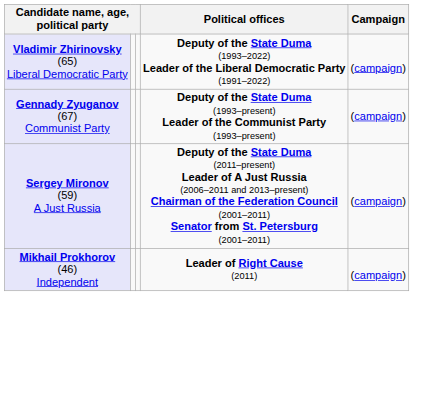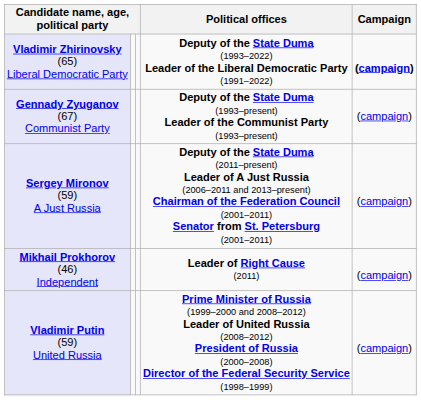 <table class=wikitable style=text-align:center>
 <tr>
 <th colspan="3">Candidate name, age,<br>political party</th>
 <th>Political offices</th>
 <th>Campaign</th>
 </tr>
 <tr>
 <td style="background:lavender;"><strong><a href='#'>Vladimir Zhirinovsky</a></strong><br>(65)<br><a href='#'>Liberal Democratic Party</a></td>
 <td></td>
 <td style="background-color:"></td>
 <td><strong>Deputy of the <a href='#'>State Duma</a></strong><br><small>(1993–2022)</small><br><strong>Leader of the Liberal Democratic Party</strong><br><small>(1991–2022)</small></td>
-<td><br>(<a href='#'>campaign</a>)</td>
+<td><strong><br>(<a href='#'>campaign</a>)</strong></td>
 </tr>
 <tr>
 <td style="background:lavender;"><strong><a href='#'>Gennady Zyuganov</a></strong><br>(67)<br><a href='#'>Communist Party</a></td>
 <td></td>
 <td style="background-color:"></td>
 <td><strong>Deputy of the <a href='#'>State Duma</a></strong><br><small>(1993–present)</small><br><strong>Leader of the Communist Party</strong><br><small>(1993–present)</small></td>
 <td>(<a href='#'>campaign</a>)</td>
 </tr>
 <tr>
 <td style="background:lavender;"><strong><a href='#'>Sergey Mironov</a></strong><br>(59)<br><a href='#'>A Just Russia</a></td>
 <td></td>
 <td style="background-color:"></td>
 <td><strong>Deputy of the <a href='#'>State Duma</a></strong><br><small>(2011–present)</small><br><strong>Leader of A Just Russia</strong><br><small>(2006–2011 and 2013–present)</small><br><strong><a href='#'>Chairman of the Federation Council</a></strong><br><small>(2001–2011)</small><br><strong><a href='#'>Senator</a> from <a href='#'>St. Petersburg</a></strong><br><small>(2001–2011)</small></td>
 <td><br>(<a href='#'>campaign</a>)</td>
 </tr>
 <tr>
 <td style="background:lavender;"><strong><a href='#'>Mikhail Prokhorov</a></strong><br>(46)<br><a href='#'>Independent</a></td>
 <td></td>
 <td style="background-color:"></td>
 <td><strong>Leader of <a href='#'>Right Cause</a></strong><br><small>(2011)</small></td>
 <td><br>(<a href='#'>campaign</a>)</td>
 </tr>
+<tr>
+<td style="background:lavender;"><strong><a href='#'>Vladimir Putin</a></strong><br>(59)<br><a href='#'>United Russia</a></td>
+<td></td>
+<td style="background-color:"></td>
+<td><strong><a href='#'>Prime Minister of Russia</a></strong><br><small>(1999–2000 and 2008–2012)</small><br><strong>Leader of United Russia</strong><br><small>(2008–2012)</small><br><strong><a href='#'>President of Russia</a></strong><br><small>(2000–2008)</small><br><strong><a href='#'>Director of the Federal Security Service</a></strong><br><small>(1998–1999)</small></td>
+<td><br>(<a href='#'>campaign</a>)</td>
+</tr>
 </table>
